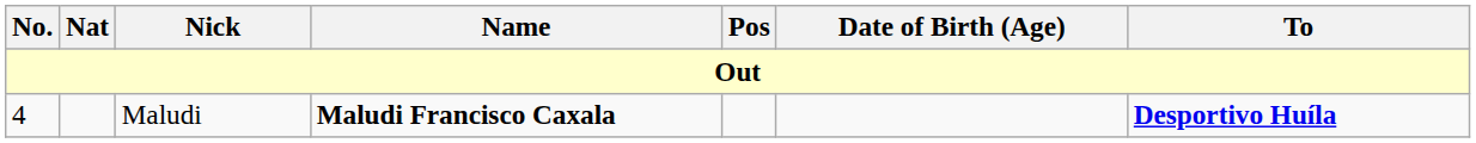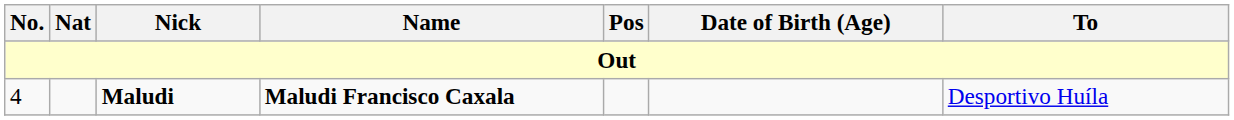 <table class="wikitable ve-ce-branchNode ve-ce-tableNode">
 <tr>
 <th>No.</th>
 <th>Nat</th>
 <th width=105px>Nick</th>
 <th width=230px>Name</th>
 <th>Pos</th>
 <th width=195px>Date of Birth (Age)</th>
 <th width=190px>To</th>
 </tr>
 <tr bgcolor=#ffffcc>
 <td align=center colspan=7><strong>Out</strong></td>
 </tr>
 <tr>
 <td>4</td>
 <td></td>
-<td>Maludi</td>
+<td><strong>Maludi</strong></td>
 <td><strong>Maludi Francisco Caxala</strong></td>
 <td></td>
 <td></td>
-<td><strong> <a href='#'>Desportivo Huíla</a></strong></td>
+<td> <a href='#'>Desportivo Huíla</a></td>
 </tr>
 </table>
